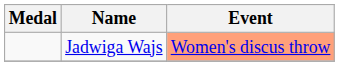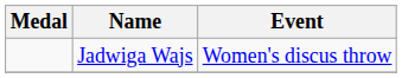 <table class="wikitable sortable" style="font-size:100%">
 <tr>
 <th>Medal</th>
 <th>Name</th>
 <th>Event</th>
 </tr>
 <tr>
 <td></td>
 <td><a href='#'>Jadwiga Wajs</a></td>
-<td style="background: lightsalmon;"><a href='#'>Women's discus throw</a></td>
+<td><a href='#'>Women's discus throw</a></td>
 </tr>
 <tr>
 </tr>
 </table>
